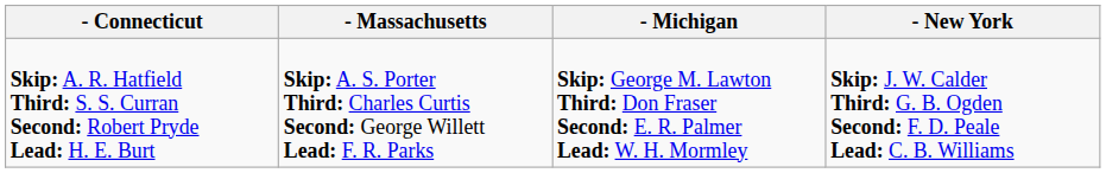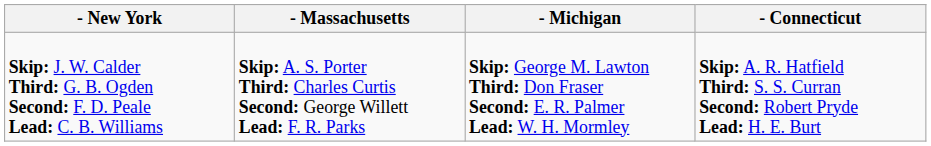 <table class="wikitable">
 <tr>
-<th bgcolor="#efefef" width="200"> - Connecticut</th>
+<th bgcolor="#efefef" width="200"> - New York</th>
 <th bgcolor="#efefef" width="200"> - Massachusetts</th>
 <th bgcolor="#efefef" width="200"> - Michigan</th>
-<th bgcolor="#efefef" width="200"> - New York</th>
+<th bgcolor="#efefef" width="200"> - Connecticut</th>
 </tr>
 <tr align=center>
-<td align=left><br><strong>Skip:</strong> <a href='#'>A. R. Hatfield</a><br> <strong>Third:</strong>  <a href='#'>S. S. Curran</a><br> <strong>Second:</strong>  <a href='#'>Robert Pryde</a><br> <strong>Lead:</strong>  <a href='#'>H. E. Burt</a></td>
+<td align=left><br><strong>Skip:</strong> <a href='#'>J. W. Calder</a><br> <strong>Third:</strong>  <a href='#'>G. B. Ogden</a><br> <strong>Second:</strong>  <a href='#'>F. D. Peale</a><br> <strong>Lead:</strong>  <a href='#'>C. B. Williams</a></td>
 <td align=left><br><strong>Skip:</strong> <a href='#'>A. S. Porter</a><br> <strong>Third:</strong>  <a href='#'>Charles Curtis</a><br> <strong>Second:</strong>  George Willett<br> <strong>Lead:</strong>  <a href='#'>F. R. Parks</a></td>
 <td align=left><br><strong>Skip:</strong> <a href='#'>George M. Lawton</a><br> <strong>Third:</strong>  <a href='#'>Don Fraser</a><br> <strong>Second:</strong>  <a href='#'>E. R. Palmer</a><br> <strong>Lead:</strong>  <a href='#'>W. H. Mormley</a></td>
-<td align=left><br><strong>Skip:</strong> <a href='#'>J. W. Calder</a><br> <strong>Third:</strong>  <a href='#'>G. B. Ogden</a><br> <strong>Second:</strong>  <a href='#'>F. D. Peale</a><br> <strong>Lead:</strong>  <a href='#'>C. B. Williams</a></td>
+<td align=left><br><strong>Skip:</strong> <a href='#'>A. R. Hatfield</a><br> <strong>Third:</strong>  <a href='#'>S. S. Curran</a><br> <strong>Second:</strong>  <a href='#'>Robert Pryde</a><br> <strong>Lead:</strong>  <a href='#'>H. E. Burt</a></td>
 </tr>
 </table>
